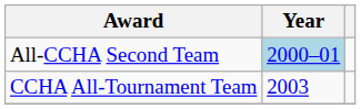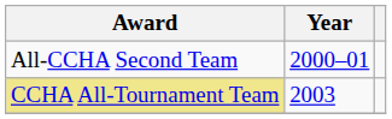 <table class="wikitable">
 <tr>
 <th>Award</th>
 <th>Year</th>
 <th></th>
 </tr>
 <tr>
 <td>All-<a href='#'>CCHA</a> <a href='#'>Second Team</a></td>
-<td style="background: lightblue;"><a href='#'>2000–01</a></td>
+<td><a href='#'>2000–01</a></td>
 <td></td>
 </tr>
 <tr>
-<td><a href='#'>CCHA</a> <a href='#'>All-Tournament Team</a></td>
+<td style="background: khaki;"><a href='#'>CCHA</a> <a href='#'>All-Tournament Team</a></td>
 <td><a href='#'>2003</a></td>
 <td></td>
 </tr>
 <tr>
 </tr>
 </table>
